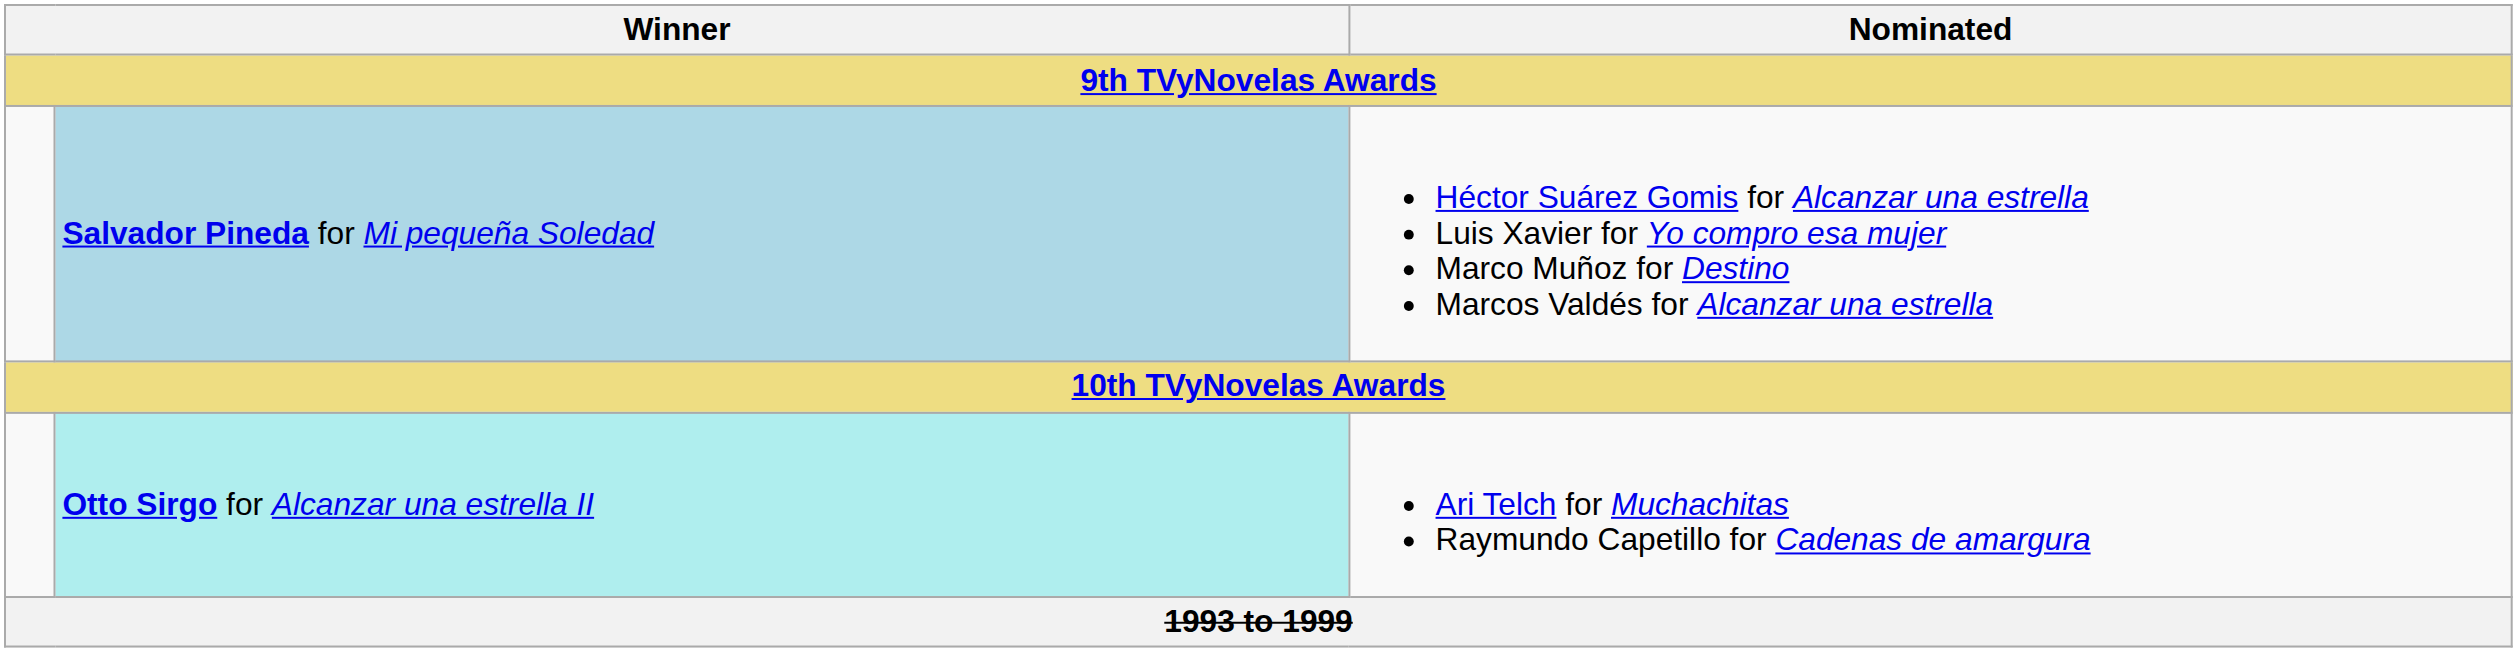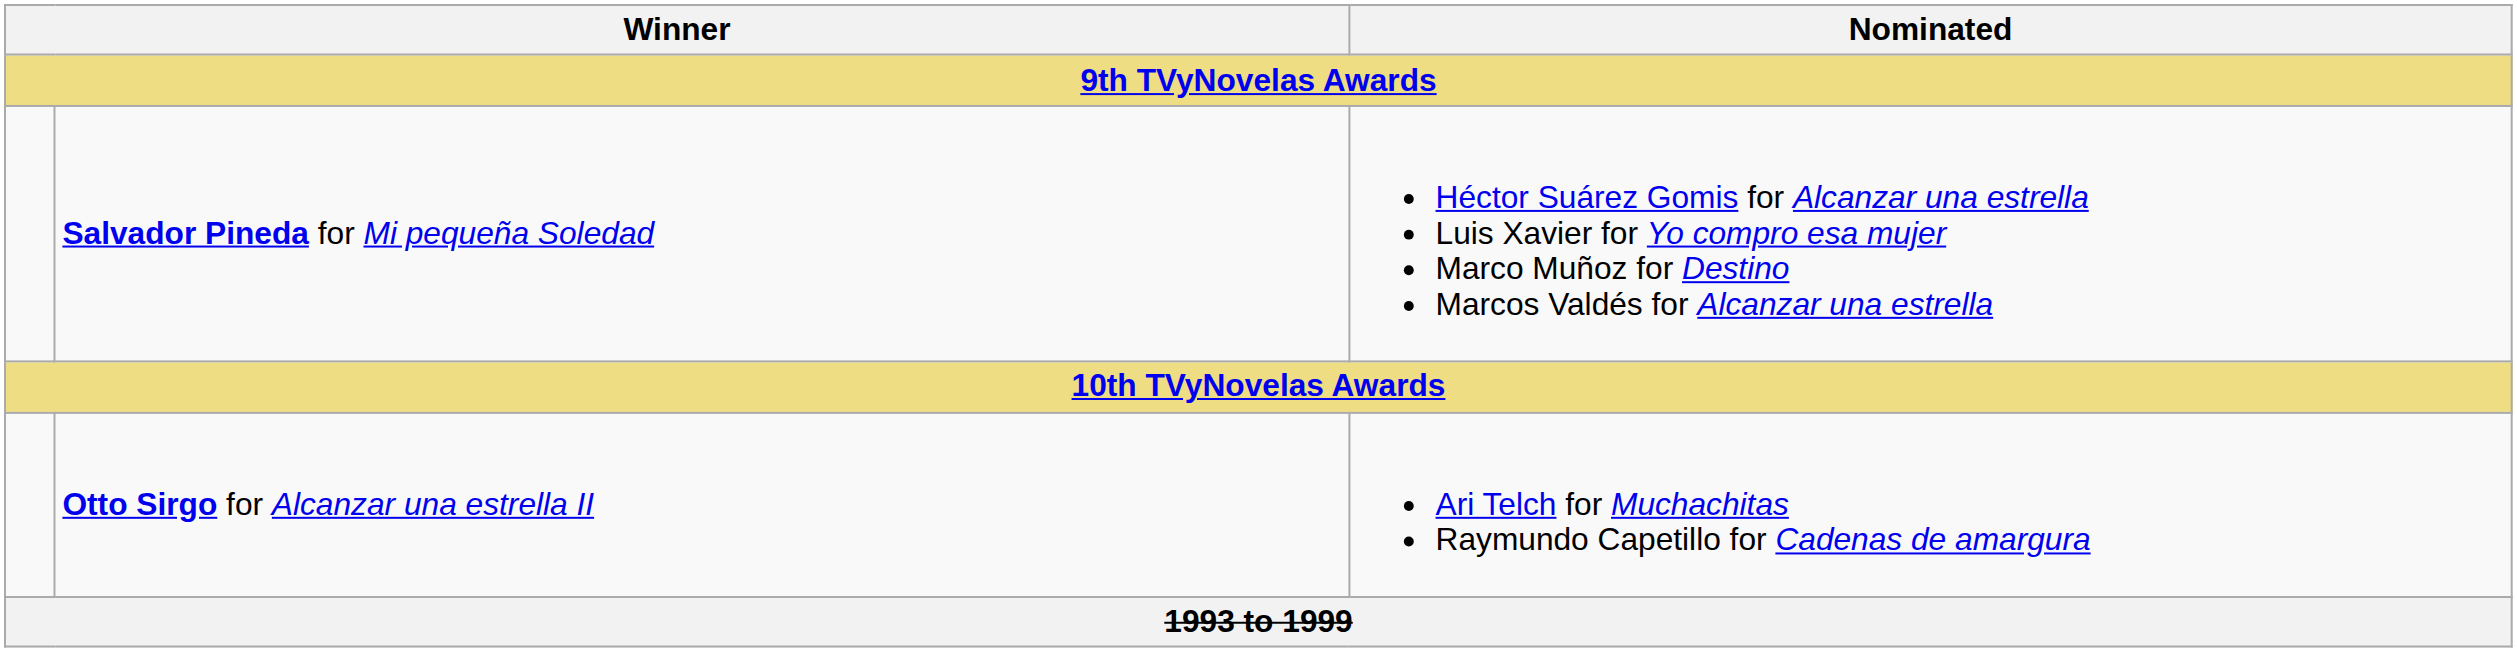 <table class="wikitable" width=80%>
 <tr align=center>
 <th width="150px;" colspan=2; align="center">Winner</th>
 <th width="580px;" align="center">Nominated</th>
 </tr>
 <tr>
 <th colspan=9 style="background:#EEDD82;"  align="center"><strong><a href='#'>9th TVyNovelas Awards</a></strong></th>
 </tr>
 <tr>
 <td width=2%></td>
-<td style="background: lightblue;"><strong><a href='#'>Salvador Pineda</a></strong> for <em><a href='#'>Mi pequeña Soledad</a></em></td>
+<td><strong><a href='#'>Salvador Pineda</a></strong> for <em><a href='#'>Mi pequeña Soledad</a></em></td>
 <td><br><ul><li><a href='#'>Héctor Suárez Gomis</a> for <em><a href='#'>Alcanzar una estrella</a></em></li><li>Luis Xavier for <em><a href='#'>Yo compro esa mujer</a></em></li><li>Marco Muñoz for <em><a href='#'>Destino</a></em></li><li>Marcos Valdés for <em><a href='#'>Alcanzar una estrella</a></em></li></ul></td>
 </tr>
 <tr>
 <th colspan=9 style="background:#EEDD82;"  align="center"><strong><a href='#'>10th TVyNovelas Awards</a></strong></th>
 </tr>
 <tr>
 <td width=2%></td>
-<td style="background: paleturquoise;"><strong><a href='#'>Otto Sirgo</a></strong> for <em><a href='#'>Alcanzar una estrella II</a></em></td>
+<td><strong><a href='#'>Otto Sirgo</a></strong> for <em><a href='#'>Alcanzar una estrella II</a></em></td>
 <td><br><ul><li><a href='#'>Ari Telch</a> for <em><a href='#'>Muchachitas</a></em></li><li>Raymundo Capetillo for <em><a href='#'>Cadenas de amargura</a></em></li></ul></td>
 </tr>
 <tr>
 <th colspan=9 align="center"><s>1993 to 1999</s></th>
 </tr>
 </table>
